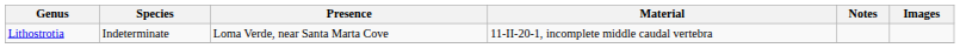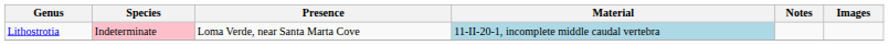 <table class="wikitable sortable"  style="margin:auto; width:100%;">
 <tr>
 <th>Genus</th>
 <th>Species</th>
 <th>Presence</th>
 <th>Material</th>
 <th>Notes</th>
 <th>Images</th>
 </tr>
 <tr>
 <td><a href='#'>Lithostrotia</a></td>
-<td>Indeterminate</td>
+<td style="background: pink;">Indeterminate</td>
 <td>Loma Verde, near Santa Marta Cove</td>
-<td>11-II-20-1, incomplete middle caudal vertebra</td>
+<td style="background: lightblue;">11-II-20-1, incomplete middle caudal vertebra</td>
 <td></td>
 <td></td>
 </tr>
 <tr>
 </tr>
 </table>
